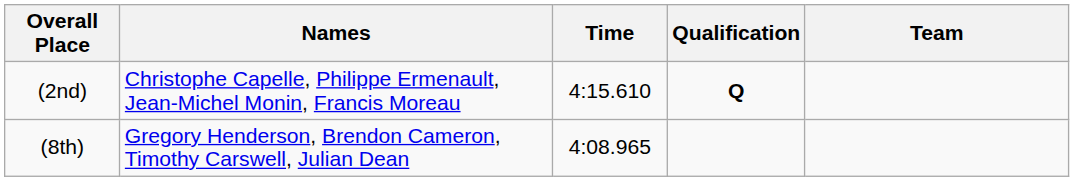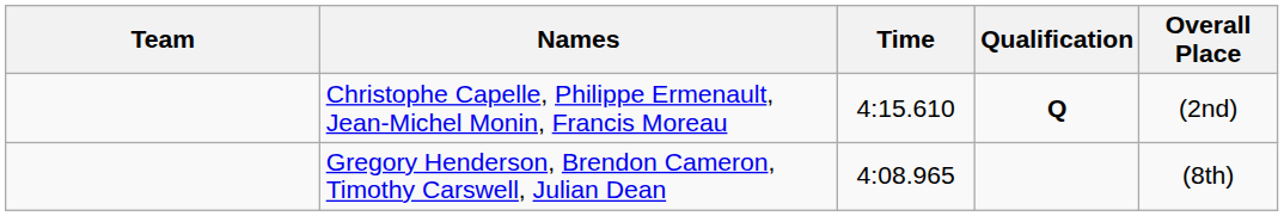 <table class="wikitable" style="text-align:center;">
 <tr>
-<th style="width:5em;">Overall Place</th>
+<th style="width:12em;">Team</th>
 <th style="width:20em;">Names</th>
 <th style="width:5em;">Time</th>
 <th style="width:5em;">Qualification</th>
-<th style="width:12em;">Team</th>
+<th style="width:5em;">Overall Place</th>
 </tr>
 <tr>
-<td>(2nd)</td>
+<td align=left></td>
 <td align=left><a href='#'>Christophe Capelle</a>, <a href='#'>Philippe Ermenault</a>, <br> <a href='#'>Jean-Michel Monin</a>, <a href='#'>Francis Moreau</a></td>
 <td>4:15.610</td>
 <td><strong>Q</strong></td>
-<td align=left></td>
+<td>(2nd)</td>
 </tr>
 <tr>
-<td>(8th)</td>
+<td align=left></td>
 <td align=left><a href='#'>Gregory Henderson</a>, <a href='#'>Brendon Cameron</a>,<br><a href='#'>Timothy Carswell</a>, <a href='#'>Julian Dean</a></td>
 <td>4:08.965</td>
 <td></td>
-<td align=left></td>
+<td>(8th)</td>
 </tr>
 </table>
